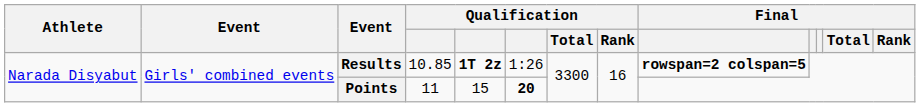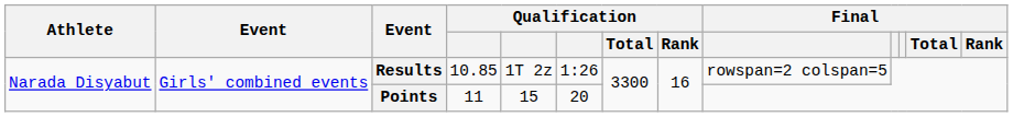 <table class=wikitable style=font-size:90%;text-align:center>
 <tr>
 <th rowspan=2>Athlete</th>
 <th rowspan=2>Event</th>
 <th rowspan=2>Event</th>
 <th colspan=5>Qualification</th>
 <th colspan=5>Final</th>
 </tr>
 <tr>
 <th></th>
 <th></th>
 <th></th>
 <th>Total</th>
 <th>Rank</th>
 <th></th>
 <th></th>
 <th></th>
 <th>Total</th>
 <th>Rank</th>
 </tr>
 <tr align=center>
 <td align=left rowspan="2"><a href='#'>Narada Disyabut</a></td>
 <td align=left rowspan="2"><a href='#'>Girls' combined events</a></td>
 <th>Results</th>
 <td>10.85</td>
-<td><strong>1T 2z</strong></td>
+<td>1T 2z</td>
 <td>1:26</td>
 <td rowspan=2>3300</td>
 <td rowspan=2>16</td>
-<td><strong>rowspan=2 colspan=5 </strong></td>
+<td>rowspan=2 colspan=5 </td>
 </tr>
 <tr align=center>
 <th>Points</th>
 <td>11</td>
 <td>15</td>
-<td><strong>20</strong></td>
+<td>20</td>
 </tr>
 </table>
